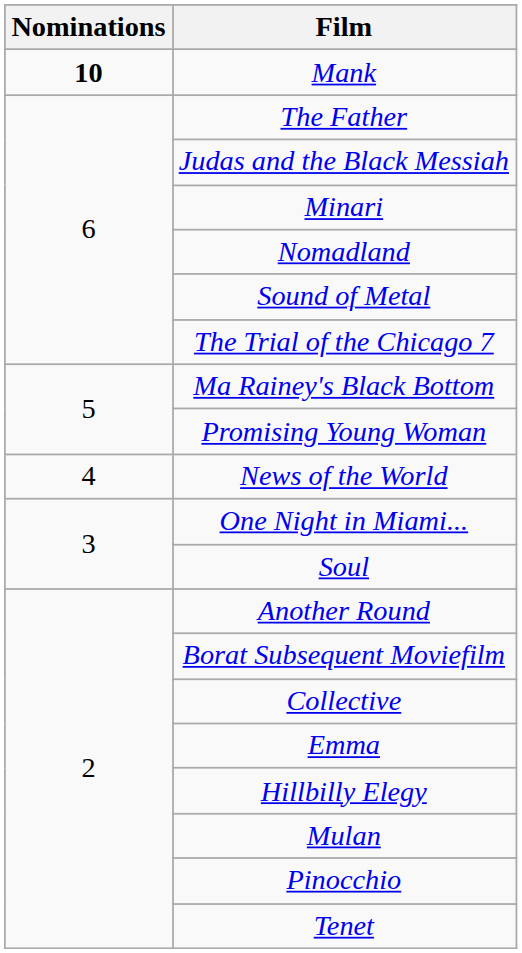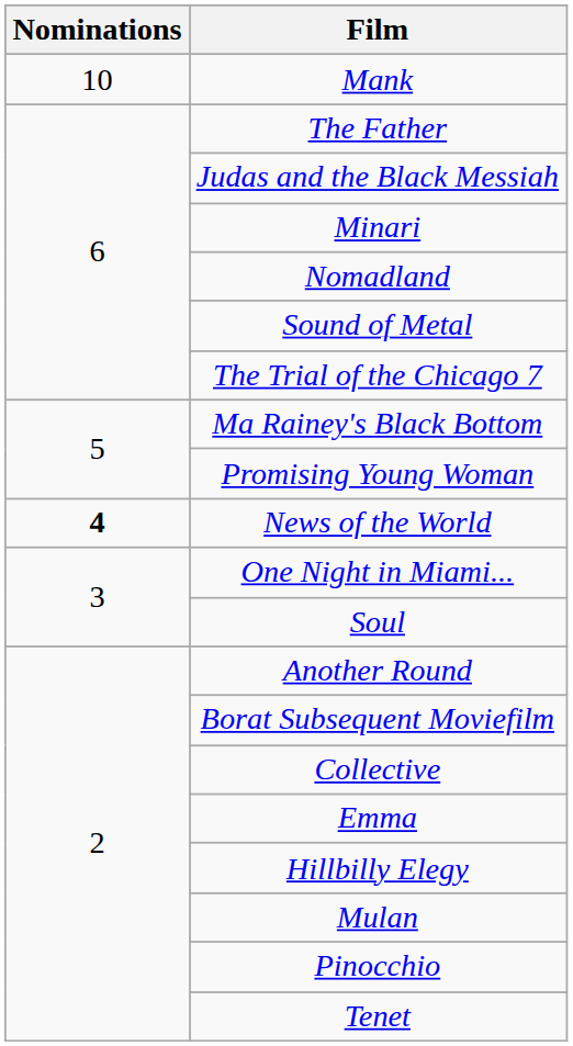 <table class="wikitable plainrowheaders" style="text-align: center;">
 <tr>
 <th scope="col" style="width:55px;">Nominations</th>
 <th scope="col" style="text-align:center;">Film</th>
 </tr>
 <tr>
-<td scope="row" style="text-align:center"><strong>10</strong></td>
+<td scope="row" style="text-align:center">10</td>
 <td><em><a href='#'>Mank</a></em></td>
 </tr>
 <tr>
 <td rowspan="6" scope="row" style="text-align:center">6</td>
 <td><em><a href='#'>The Father</a></em></td>
 </tr>
 <tr>
 <td><em><a href='#'>Judas and the Black Messiah</a></em></td>
 </tr>
 <tr>
 <td><em><a href='#'>Minari</a></em></td>
 </tr>
 <tr>
 <td><em><a href='#'>Nomadland</a></em></td>
 </tr>
 <tr>
 <td><em><a href='#'>Sound of Metal</a></em></td>
 </tr>
 <tr>
 <td><em><a href='#'>The Trial of the Chicago 7</a></em></td>
 </tr>
 <tr>
 <td scope="row" rowspan="2" style="text-align:center;">5</td>
 <td><em><a href='#'>Ma Rainey's Black Bottom</a></em></td>
 </tr>
 <tr>
 <td><em><a href='#'>Promising Young Woman</a></em></td>
 </tr>
 <tr>
-<td scope="row" style="text-align:center;">4</td>
+<td scope="row" style="text-align:center;"><strong>4</strong></td>
 <td><em><a href='#'>News of the World</a></em></td>
 </tr>
 <tr>
 <td scope="row" rowspan="2" style="text-align:center;">3</td>
 <td><em><a href='#'>One Night in Miami...</a></em></td>
 </tr>
 <tr>
 <td><em><a href='#'>Soul</a></em></td>
 </tr>
 <tr>
 <td scope="row" rowspan="8" style="text-align:center;">2</td>
 <td><em><a href='#'>Another Round</a></em></td>
 </tr>
 <tr>
 <td><em><a href='#'>Borat Subsequent Moviefilm</a></em></td>
 </tr>
 <tr>
 <td><em><a href='#'>Collective</a></em></td>
 </tr>
 <tr>
 <td><em><a href='#'>Emma</a></em></td>
 </tr>
 <tr>
 <td><em><a href='#'>Hillbilly Elegy</a></em></td>
 </tr>
 <tr>
 <td><em><a href='#'>Mulan</a></em></td>
 </tr>
 <tr>
 <td><em><a href='#'>Pinocchio</a></em></td>
 </tr>
 <tr>
 <td><em><a href='#'>Tenet</a></em></td>
 </tr>
 </table>
